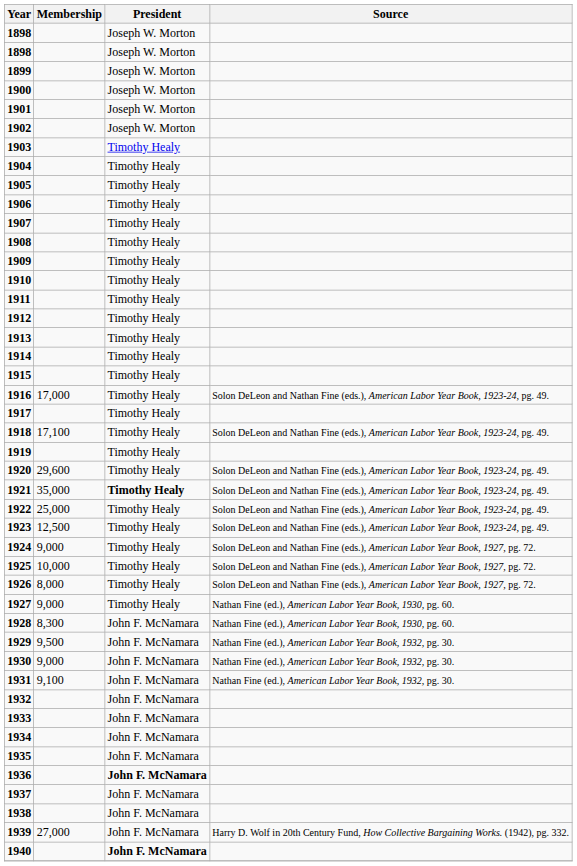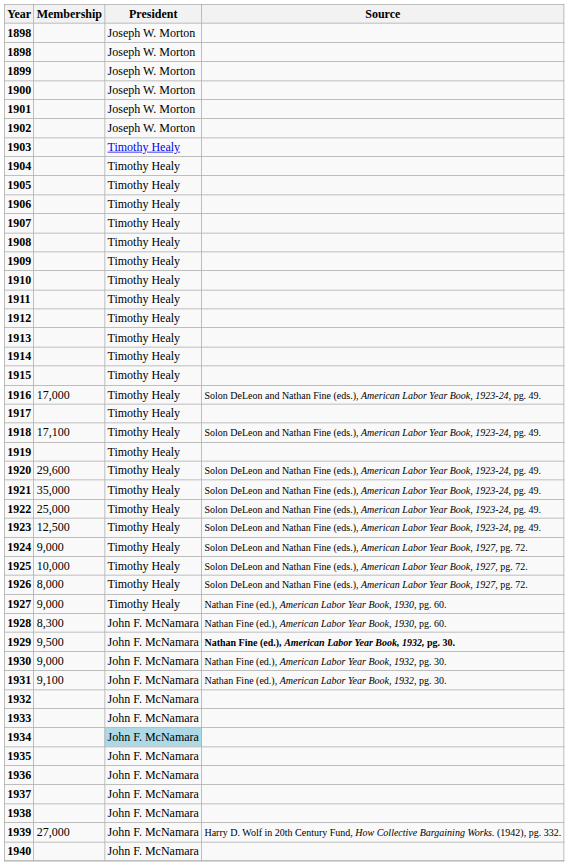 <table class="wikitable" stle="text-align:center;">
 <tr>
 <th>Year</th>
 <th>Membership</th>
 <th>President</th>
 <th>Source</th>
 </tr>
 <tr>
 <td><strong>1898</strong></td>
 <td></td>
 <td>Joseph W. Morton</td>
 <td></td>
 </tr>
 <tr>
 <td><strong>1898</strong></td>
 <td></td>
 <td>Joseph W. Morton</td>
 <td></td>
 </tr>
 <tr>
 <td><strong>1899</strong></td>
 <td></td>
 <td>Joseph W. Morton</td>
 <td></td>
 </tr>
 <tr>
 <td><strong>1900</strong></td>
 <td></td>
 <td>Joseph W. Morton</td>
 <td></td>
 </tr>
 <tr>
 <td><strong>1901</strong></td>
 <td></td>
 <td>Joseph W. Morton</td>
 <td></td>
 </tr>
 <tr>
 <td><strong>1902</strong></td>
 <td></td>
 <td>Joseph W. Morton</td>
 <td></td>
 </tr>
 <tr>
 <td><strong>1903</strong></td>
 <td></td>
 <td><a href='#'>Timothy Healy</a></td>
 <td></td>
 </tr>
 <tr>
 <td><strong>1904</strong></td>
 <td></td>
 <td>Timothy Healy</td>
 <td></td>
 </tr>
 <tr>
 <td><strong>1905</strong></td>
 <td></td>
 <td>Timothy Healy</td>
 <td></td>
 </tr>
 <tr>
 <td><strong>1906</strong></td>
 <td></td>
 <td>Timothy Healy</td>
 <td></td>
 </tr>
 <tr>
 <td><strong>1907</strong></td>
 <td></td>
 <td>Timothy Healy</td>
 <td></td>
 </tr>
 <tr>
 <td><strong>1908</strong></td>
 <td></td>
 <td>Timothy Healy</td>
 <td></td>
 </tr>
 <tr>
 <td><strong>1909</strong></td>
 <td></td>
 <td>Timothy Healy</td>
 <td></td>
 </tr>
 <tr>
 <td><strong>1910</strong></td>
 <td></td>
 <td>Timothy Healy</td>
 <td></td>
 </tr>
 <tr>
 <td><strong>1911</strong></td>
 <td></td>
 <td>Timothy Healy</td>
 <td></td>
 </tr>
 <tr>
 <td><strong>1912</strong></td>
 <td></td>
 <td>Timothy Healy</td>
 <td></td>
 </tr>
 <tr>
 <td><strong>1913</strong></td>
 <td></td>
 <td>Timothy Healy</td>
 <td></td>
 </tr>
 <tr>
 <td><strong>1914</strong></td>
 <td></td>
 <td>Timothy Healy</td>
 <td></td>
 </tr>
 <tr>
 <td><strong>1915</strong></td>
 <td></td>
 <td>Timothy Healy</td>
 <td></td>
 </tr>
 <tr>
 <td><strong>1916</strong></td>
 <td>17,000</td>
 <td>Timothy Healy</td>
 <td align="left"><small>Solon DeLeon and Nathan Fine (eds.), <em>American Labor Year Book, 1923-24,</em> pg. 49.</small></td>
 </tr>
 <tr>
 <td><strong>1917</strong></td>
 <td></td>
 <td>Timothy Healy</td>
 <td></td>
 </tr>
 <tr>
 <td><strong>1918</strong></td>
 <td>17,100</td>
 <td>Timothy Healy</td>
 <td align="left"><small>Solon DeLeon and Nathan Fine (eds.), <em>American Labor Year Book, 1923-24,</em> pg. 49.</small></td>
 </tr>
 <tr>
 <td><strong>1919</strong></td>
 <td></td>
 <td>Timothy Healy</td>
 <td></td>
 </tr>
 <tr>
 <td><strong>1920</strong></td>
 <td>29,600</td>
 <td>Timothy Healy</td>
 <td align="left"><small>Solon DeLeon and Nathan Fine (eds.), <em>American Labor Year Book, 1923-24,</em> pg. 49.</small></td>
 </tr>
 <tr>
 <td><strong>1921</strong></td>
 <td>35,000</td>
-<td><strong>Timothy Healy</strong></td>
+<td>Timothy Healy</td>
 <td align="left"><small>Solon DeLeon and Nathan Fine (eds.), <em>American Labor Year Book, 1923-24,</em> pg. 49.</small></td>
 </tr>
 <tr>
 <td><strong>1922</strong></td>
 <td>25,000</td>
 <td>Timothy Healy</td>
 <td align="left"><small>Solon DeLeon and Nathan Fine (eds.), <em>American Labor Year Book, 1923-24,</em> pg. 49.</small></td>
 </tr>
 <tr>
 <td><strong>1923</strong></td>
 <td>12,500</td>
 <td>Timothy Healy</td>
 <td align="left"><small>Solon DeLeon and Nathan Fine (eds.), <em>American Labor Year Book, 1923-24,</em> pg. 49.</small></td>
 </tr>
 <tr>
 <td><strong>1924</strong></td>
 <td>9,000</td>
 <td>Timothy Healy</td>
 <td align="left"><small>Solon DeLeon and Nathan Fine (eds.), <em>American Labor Year Book, 1927,</em> pg. 72.</small></td>
 </tr>
 <tr>
 <td><strong>1925</strong></td>
 <td>10,000</td>
 <td>Timothy Healy</td>
 <td align="left"><small>Solon DeLeon and Nathan Fine (eds.), <em>American Labor Year Book, 1927,</em> pg. 72.</small></td>
 </tr>
 <tr>
 <td><strong>1926</strong></td>
 <td>8,000</td>
 <td>Timothy Healy</td>
 <td align="left"><small>Solon DeLeon and Nathan Fine (eds.), <em>American Labor Year Book, 1927,</em> pg. 72.</small></td>
 </tr>
 <tr>
 <td><strong>1927</strong></td>
 <td>9,000</td>
 <td>Timothy Healy</td>
 <td align="left"><small>Nathan Fine (ed.), <em>American Labor Year Book, 1930,</em> pg. 60.</small></td>
 </tr>
 <tr>
 <td><strong>1928</strong></td>
 <td>8,300</td>
 <td>John F. McNamara</td>
 <td align="left"><small>Nathan Fine (ed.), <em>American Labor Year Book, 1930,</em> pg. 60.</small></td>
 </tr>
 <tr>
 <td><strong>1929</strong></td>
 <td>9,500</td>
 <td>John F. McNamara</td>
-<td align="left"><small>Nathan Fine (ed.), <em>American Labor Year Book, 1932,</em> pg. 30.</small></td>
+<td align="left"><strong><small>Nathan Fine (ed.), <em>American Labor Year Book, 1932,</em> pg. 30.</small></strong></td>
 </tr>
 <tr>
 <td><strong>1930</strong></td>
 <td>9,000</td>
 <td>John F. McNamara</td>
 <td align="left"><small>Nathan Fine (ed.), <em>American Labor Year Book, 1932,</em> pg. 30.</small></td>
 </tr>
 <tr>
 <td><strong>1931</strong></td>
 <td>9,100</td>
 <td>John F. McNamara</td>
 <td align="left"><small>Nathan Fine (ed.), <em>American Labor Year Book, 1932,</em> pg. 30.</small></td>
 </tr>
 <tr>
 <td><strong>1932</strong></td>
 <td></td>
 <td>John F. McNamara</td>
 <td></td>
 </tr>
 <tr>
 <td><strong>1933</strong></td>
 <td></td>
 <td>John F. McNamara</td>
 <td></td>
 </tr>
 <tr>
 <td><strong>1934</strong></td>
 <td></td>
-<td>John F. McNamara</td>
+<td style="background: lightblue;">John F. McNamara</td>
 <td></td>
 </tr>
 <tr>
 <td><strong>1935</strong></td>
 <td></td>
 <td>John F. McNamara</td>
 <td></td>
 </tr>
 <tr>
 <td><strong>1936</strong></td>
 <td></td>
-<td><strong>John F. McNamara</strong></td>
+<td>John F. McNamara</td>
 <td></td>
 </tr>
 <tr>
 <td><strong>1937</strong></td>
 <td></td>
 <td>John F. McNamara</td>
 <td></td>
 </tr>
 <tr>
 <td><strong>1938</strong></td>
 <td></td>
 <td>John F. McNamara</td>
 <td></td>
 </tr>
 <tr>
 <td><strong>1939</strong></td>
 <td>27,000</td>
 <td>John F. McNamara</td>
 <td align="left"><small>Harry D. Wolf in 20th Century Fund, <em>How Collective Bargaining Works.</em> (1942), pg. 332.</small></td>
 </tr>
 <tr>
 <td><strong>1940</strong></td>
 <td></td>
-<td><strong>John F. McNamara</strong></td>
+<td>John F. McNamara</td>
 <td></td>
 </tr>
 <tr>
 </tr>
 </table>
